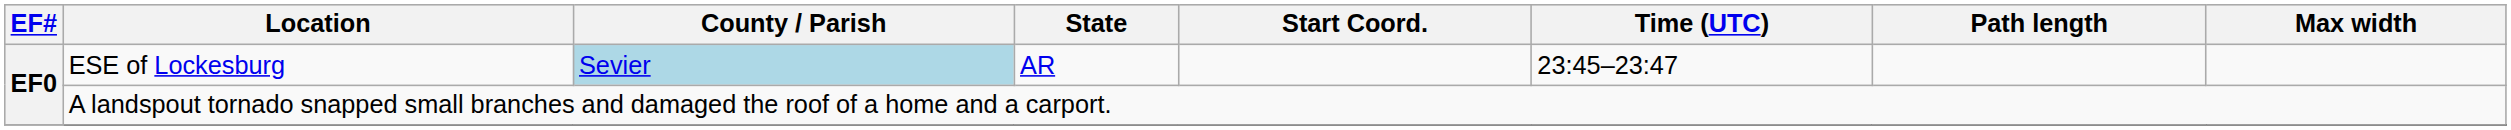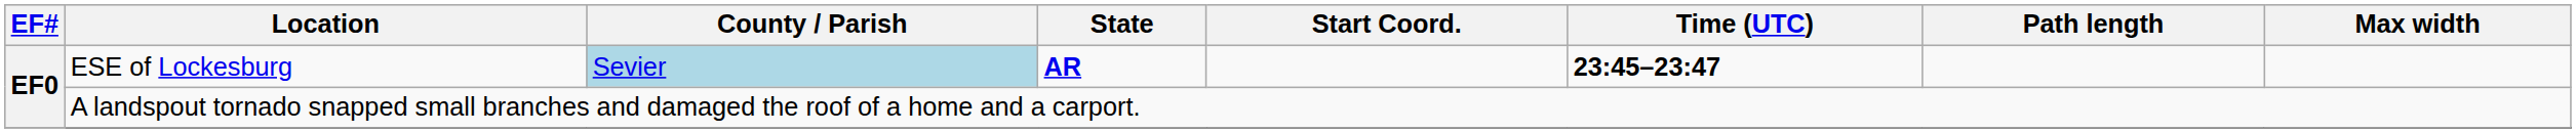 <table class="wikitable sortable" style="width:100%;">
 <tr>
 <th scope="col" width="2%" align="center"><a href='#'>EF#</a></th>
 <th scope="col" align="center" class="unsortable">Location</th>
 <th scope="col" align="center" class="unsortable">County / Parish</th>
 <th scope="col" align="center">State</th>
 <th scope="col" align="center">Start Coord.</th>
 <th scope="col" align="center">Time (<a href='#'>UTC</a>)</th>
 <th scope="col" align="center">Path length</th>
 <th scope="col" align="center">Max width</th>
 </tr>
 <tr>
 <th scope="row" rowspan="2" style="background-color:#">EF0</th>
 <td>ESE of <a href='#'>Lockesburg</a></td>
 <td style="background: lightblue;"><a href='#'>Sevier</a></td>
-<td><a href='#'>AR</a></td>
+<td><strong><a href='#'>AR</a></strong></td>
 <td></td>
-<td>23:45–23:47</td>
+<td><strong>23:45–23:47</strong></td>
 <td></td>
 <td></td>
 </tr>
 <tr class="expand-child">
 <td colspan="8" style=" border-bottom: 1px solid black;">A landspout tornado snapped small branches and damaged the roof of a home and a carport.</td>
 </tr>
 <tr>
 </tr>
 </table>
